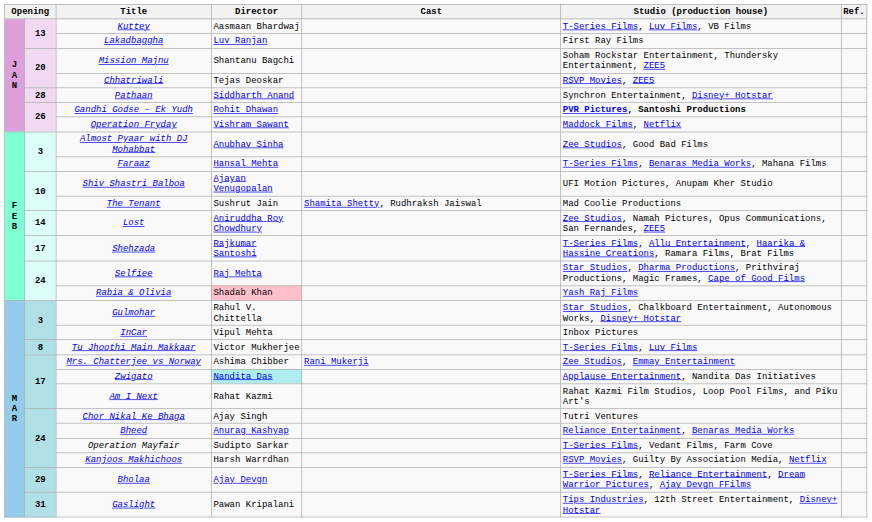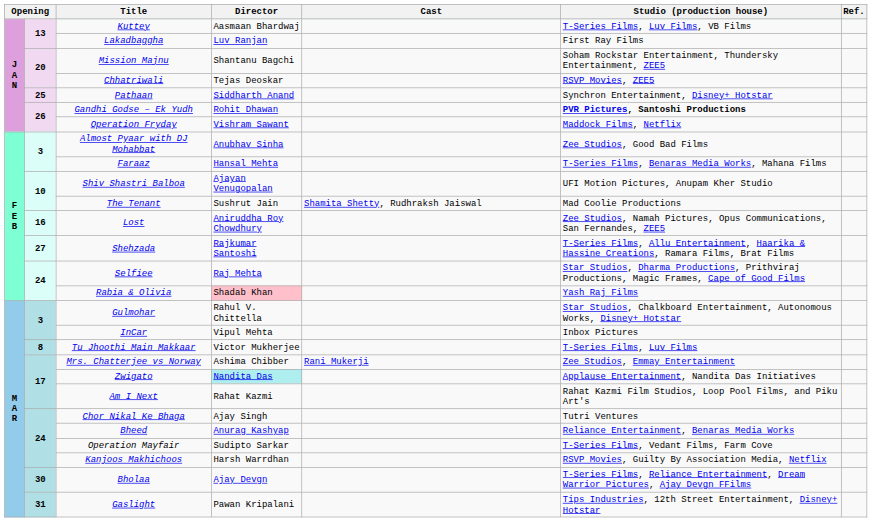 <table class="wikitable">
 <tr style="background:#b0e0e6; text-align:center;">
 <th colspan="2" style="width:6%;"><strong>Opening</strong></th>
 <th style="width:18%;"><strong>Title</strong></th>
 <th style="width:10.5%;"><strong>Director</strong></th>
 <th style="width:30%;"><strong>Cast</strong></th>
 <th>Studio (production house)</th>
 <th>Ref.</th>
 </tr>
 <tr>
 <td rowspan="7" style="text-align:center; background:plum; textcolor:#000;"><strong>J<br>A<br>N</strong></td>
 <td rowspan="2" style="text-align:center;background:#f1daf1;"><strong>13</strong></td>
 <td style="text-align:center;"><em><a href='#'>Kuttey</a></em></td>
 <td>Aasmaan Bhardwaj</td>
 <td></td>
 <td><a href='#'>T-Series Films</a>, <a href='#'>Luv Films</a>, VB Films</td>
 <td></td>
 </tr>
 <tr>
 <td style="text-align:center;"><em><a href='#'>Lakadbaggha</a></em></td>
 <td><a href='#'>Luv Ranjan</a></td>
 <td></td>
 <td>First Ray Films</td>
 <td></td>
 </tr>
 <tr>
 <td rowspan="2" style="text-align:center;background:#f1daf1;"><strong>20</strong></td>
 <td style="text-align:center;"><em><a href='#'>Mission Majnu</a></em></td>
 <td>Shantanu Bagchi</td>
 <td></td>
 <td>Soham Rockstar Entertainment, Thundersky Entertainment, <a href='#'>ZEE5</a></td>
 <td></td>
 </tr>
 <tr>
 <td style="text-align:center;"><em><a href='#'>Chhatriwali</a></em></td>
 <td>Tejas Deoskar</td>
 <td></td>
 <td><a href='#'>RSVP Movies</a>, <a href='#'>ZEE5</a></td>
 <td></td>
 </tr>
 <tr>
-<td style="text-align:center;background:#f1daf1;"><strong>28</strong></td>
+<td style="text-align:center;background:#f1daf1;"><strong>25</strong></td>
 <td style="text-align:center;"><em><a href='#'>Pathaan</a></em></td>
 <td><a href='#'>Siddharth Anand</a></td>
 <td></td>
 <td>Synchron Entertainment, <a href='#'>Disney+ Hotstar</a></td>
 <td></td>
 </tr>
 <tr>
 <td rowspan="2" style="text-align:center;background:#f1daf1;"><strong>26</strong></td>
 <td style="text-align:center;"><em><a href='#'>Gandhi Godse – Ek Yudh</a></em></td>
 <td><a href='#'>Rohit Dhawan</a></td>
 <td></td>
 <td><strong><a href='#'>PVR Pictures</a>, Santoshi Productions</strong></td>
 <td></td>
 </tr>
 <tr>
 <td style="text-align:center;"><em><a href='#'>Operation Fryday</a></em></td>
 <td><a href='#'>Vishram Sawant</a></td>
 <td></td>
 <td><a href='#'>Maddock Films</a>, <a href='#'>Netflix</a></td>
 <td></td>
 </tr>
 <tr>
 <td rowspan="8" style="text-align:center; background:#7FFFD4; textcolor:#000;"><strong>F<br>E<br>B</strong></td>
 <td rowspan="2" style="text-align:center;background:#dbfff8;"><strong>3</strong></td>
 <td style="text-align:center;"><em><a href='#'>Almost Pyaar with DJ Mohabbat</a></em></td>
 <td><a href='#'>Anubhav Sinha</a></td>
 <td></td>
 <td><a href='#'>Zee Studios</a>, Good Bad Films</td>
 <td></td>
 </tr>
 <tr>
 <td style="text-align:center;"><em><a href='#'>Faraaz</a></em></td>
 <td><a href='#'>Hansal Mehta</a></td>
 <td></td>
 <td><a href='#'>T-Series Films</a>, <a href='#'>Benaras Media Works</a>, Mahana Films</td>
 <td></td>
 </tr>
 <tr>
 <td rowspan="2" style="text-align:center;background:#dbfff8;"><strong>10</strong></td>
 <td style="text-align:center;"><em><a href='#'>Shiv Shastri Balboa</a></em></td>
 <td><a href='#'>Ajayan Venugopalan</a></td>
 <td></td>
 <td>UFI Motion Pictures, Anupam Kher Studio</td>
 <td></td>
 </tr>
 <tr>
 <td style="text-align:center;"><em><a href='#'>The Tenant</a></em></td>
 <td>Sushrut Jain</td>
 <td><a href='#'>Shamita Shetty</a>, Rudhraksh Jaiswal</td>
 <td>Mad Coolie Productions</td>
 <td></td>
 </tr>
 <tr>
-<td style="text-align:center;background:#dbfff8;"><strong>14</strong></td>
+<td style="text-align:center;background:#dbfff8;"><strong>16</strong></td>
 <td style="text-align:center;"><em><a href='#'>Lost</a></em></td>
 <td><a href='#'>Aniruddha Roy Chowdhury</a></td>
 <td></td>
 <td><a href='#'>Zee Studios</a>, Namah Pictures, Opus Communications, San Fernandes, <a href='#'>ZEE5</a></td>
 <td></td>
 </tr>
 <tr>
-<td style="text-align:center;background:#dbfff8;"><strong>17</strong></td>
+<td style="text-align:center;background:#dbfff8;"><strong>27</strong></td>
 <td style="text-align:center;"><em><a href='#'>Shehzada</a></em></td>
 <td><a href='#'>Rajkumar Santoshi</a></td>
 <td></td>
 <td><a href='#'>T-Series Films</a>, <a href='#'>Allu Entertainment</a>, <a href='#'>Haarika & Hassine Creations</a>, Ramara Films, Brat Films</td>
 <td></td>
 </tr>
 <tr>
 <td rowspan="2" style="text-align:center;background:#dbfff8;"><strong>24</strong></td>
 <td style="text-align:center;"><em><a href='#'>Selfiee</a></em></td>
 <td><a href='#'>Raj Mehta</a></td>
 <td></td>
 <td><a href='#'>Star Studios</a>, <a href='#'>Dharma Productions</a>, Prithviraj Productions, Magic Frames, <a href='#'>Cape of Good Films</a></td>
 <td></td>
 </tr>
 <tr>
 <td style="text-align:center;"><em><a href='#'>Rabia & Olivia</a></em></td>
 <td style="background: pink;">Shadab Khan</td>
 <td></td>
 <td><a href='#'>Yash Raj Films</a></td>
 <td></td>
 </tr>
 <tr>
 <td rowspan="12" style="text-align:center; background:#93CCEA; textcolor:#000;"><strong>M<br>A<br>R</strong></td>
 <td rowspan="2" style="text-align:center;background:#B0E0E6;"><strong>3</strong></td>
 <td style="text-align:center;"><em><a href='#'>Gulmohar</a></em></td>
 <td>Rahul V. Chittella</td>
 <td></td>
 <td><a href='#'>Star Studios</a>, Chalkboard Entertainment, Autonomous Works, <a href='#'>Disney+ Hotstar</a></td>
 <td></td>
 </tr>
 <tr>
 <td style="text-align:center;"><em><a href='#'>InCar</a></em></td>
 <td>Vipul Mehta</td>
 <td></td>
 <td>Inbox Pictures</td>
 <td></td>
 </tr>
 <tr>
 <td style="text-align:center;background:#B0E0E6;"><strong>8</strong></td>
 <td style="text-align:center;"><em><a href='#'>Tu Jhoothi Main Makkaar</a></em></td>
 <td>Victor Mukherjee</td>
 <td></td>
 <td><a href='#'>T-Series Films</a>, <a href='#'>Luv Films</a></td>
 <td></td>
 </tr>
 <tr>
 <td rowspan="3" style="text-align:center;background:#B0E0E6;"><strong>17</strong></td>
 <td style="text-align:center;"><em><a href='#'>Mrs. Chatterjee vs Norway</a></em></td>
 <td>Ashima Chibber</td>
 <td><a href='#'>Rani Mukerji</a></td>
 <td><a href='#'>Zee Studios</a>, <a href='#'>Emmay Entertainment</a></td>
 <td></td>
 </tr>
 <tr>
 <td style="text-align:center;"><em><a href='#'>Zwigato</a></em></td>
 <td style="background: paleturquoise;"><a href='#'>Nandita Das</a></td>
 <td></td>
 <td><a href='#'>Applause Entertainment</a>, Nandita Das Initiatives</td>
 <td></td>
 </tr>
 <tr>
 <td style="text-align:center;"><em><a href='#'>Am I Next</a></em></td>
 <td>Rahat Kazmi</td>
 <td></td>
 <td>Rahat Kazmi Film Studios, Loop Pool Films, and Piku Art's</td>
 <td></td>
 </tr>
 <tr>
 <td rowspan="4" style="text-align:center;background:#B0E0E6;"><strong>24</strong></td>
 <td style="text-align:center;"><em><a href='#'>Chor Nikal Ke Bhaga</a></em></td>
 <td>Ajay Singh</td>
 <td></td>
 <td>Tutri Ventures</td>
 <td></td>
 </tr>
 <tr>
 <td style="text-align:center;"><em><a href='#'>Bheed</a></em></td>
 <td><a href='#'>Anurag Kashyap</a></td>
 <td></td>
 <td><a href='#'>Reliance Entertainment</a>, <a href='#'>Benaras Media Works</a></td>
 <td></td>
 </tr>
 <tr>
 <td style="text-align:center;"><em>Operation Mayfair</em></td>
 <td>Sudipto Sarkar</td>
 <td></td>
 <td><a href='#'>T-Series Films</a>, Vedant Films, Farm Cove</td>
 <td></td>
 </tr>
 <tr>
 <td style="text-align:center;"><em><a href='#'>Kanjoos Makhichoos</a></em></td>
 <td>Harsh Warrdhan</td>
 <td></td>
 <td><a href='#'>RSVP Movies</a>, Guilty By Association Media, <a href='#'>Netflix</a></td>
 <td></td>
 </tr>
 <tr>
-<td style="text-align:center;background:#B0E0E6;"><strong>29</strong></td>
+<td style="text-align:center;background:#B0E0E6;"><strong>30</strong></td>
 <td style="text-align:center;"><em><a href='#'>Bholaa</a></em></td>
 <td><a href='#'>Ajay Devgn</a></td>
 <td></td>
 <td><a href='#'>T-Series Films</a>, <a href='#'>Reliance Entertainment</a>, <a href='#'>Dream Warrior Pictures</a>, <a href='#'>Ajay Devgn FFilms</a></td>
 <td></td>
 </tr>
 <tr>
 <td style="text-align:center;background:#B0E0E6;"><strong>31</strong></td>
 <td style="text-align:center;"><em><a href='#'>Gaslight</a></em></td>
 <td>Pawan Kripalani</td>
 <td></td>
 <td><a href='#'>Tips Industries</a>, 12th Street Entertainment, <a href='#'>Disney+ Hotstar</a></td>
 <td></td>
 </tr>
 </table>
